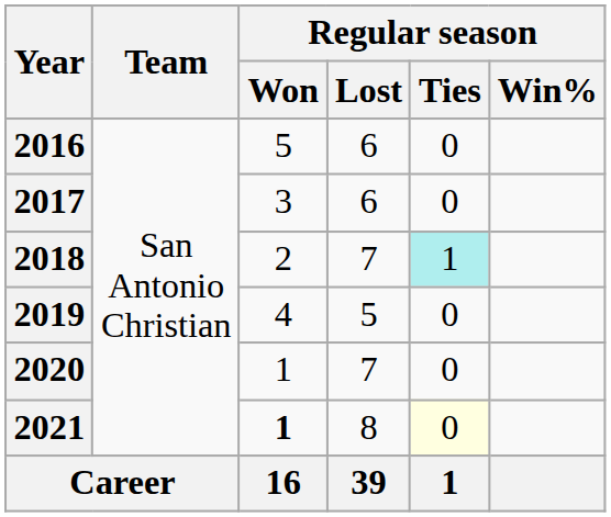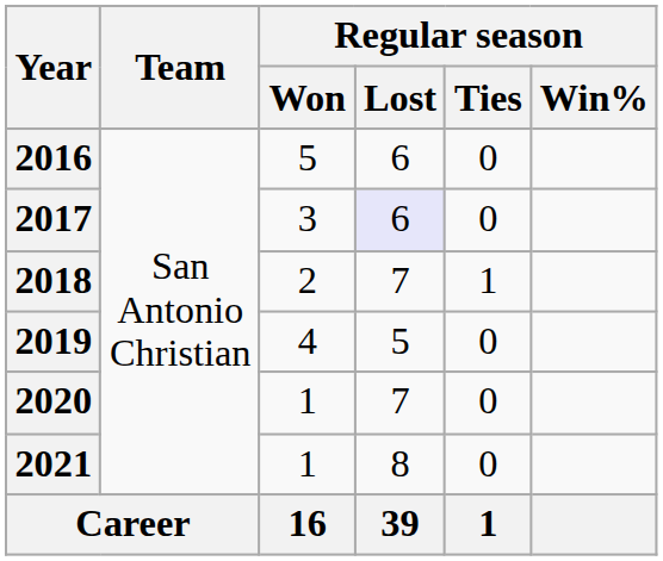 <table class="wikitable" style="text-align:center;">
 <tr>
 <th rowspan="2">Year</th>
 <th rowspan="2">Team</th>
 <th colspan="4">Regular season</th>
 </tr>
 <tr>
 <th>Won</th>
 <th>Lost</th>
 <th>Ties</th>
 <th>Win%</th>
 </tr>
 <tr>
 <th>2016</th>
 <td rowspan="6">San <br> Antonio <br> Christian</td>
 <td>5</td>
 <td>6</td>
 <td>0</td>
 <td></td>
 </tr>
 <tr>
 <th>2017</th>
 <td>3</td>
-<td>6</td>
+<td style="background: lavender;">6</td>
 <td>0</td>
 <td></td>
 </tr>
 <tr>
 <th>2018</th>
 <td>2</td>
 <td>7</td>
-<td style="background: paleturquoise;">1</td>
+<td>1</td>
 <td></td>
 </tr>
 <tr>
 <th>2019</th>
 <td>4</td>
 <td>5</td>
 <td>0</td>
 <td></td>
 </tr>
 <tr>
 <th>2020</th>
 <td>1</td>
 <td>7</td>
 <td>0</td>
 <td></td>
 </tr>
 <tr>
 <th>2021</th>
-<td><strong>1</strong></td>
+<td>1</td>
 <td>8</td>
-<td style="background: lightyellow;">0</td>
+<td>0</td>
 <td></td>
 </tr>
 <tr>
 <th colspan="2">Career</th>
 <th>16</th>
 <th>39</th>
 <th>1</th>
 <th></th>
 </tr>
 </table>
